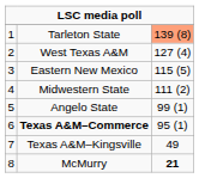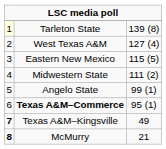 <table class="wikitable" style="display: inline-table;">
 <tr>
 <td align="center" Colspan="3"><strong>LSC media poll</strong></td>
 </tr>
 <tr align="center">
 </tr>
 <tr align="center">
-<td>1</td>
+<td style="background: lightyellow;">1</td>
 <td>Tarleton State</td>
-<td style="background: lightsalmon;">139 (8)</td>
+<td>139 (8)</td>
 </tr>
 <tr align="center">
 <td>2</td>
 <td>West Texas A&M</td>
 <td>127 (4)</td>
 </tr>
 <tr align="center">
 <td>3</td>
 <td>Eastern New Mexico</td>
 <td>115 (5)</td>
 </tr>
 <tr align="center">
 <td>4</td>
 <td>Midwestern State</td>
 <td>111 (2)</td>
 </tr>
 <tr align="center">
 <td>5</td>
 <td>Angelo State</td>
 <td>99 (1)</td>
 </tr>
 <tr align="center">
 <td>6</td>
 <td><strong>Texas A&M–Commerce</strong></td>
 <td>95 (1)</td>
 </tr>
 <tr align="center">
-<td>7</td>
+<td><strong>7</strong></td>
 <td>Texas A&M–Kingsville</td>
 <td>49</td>
 </tr>
 <tr align="center">
-<td>8</td>
+<td><strong>8</strong></td>
 <td>McMurry</td>
-<td><strong>21</strong></td>
+<td>21</td>
 </tr>
 </table>
